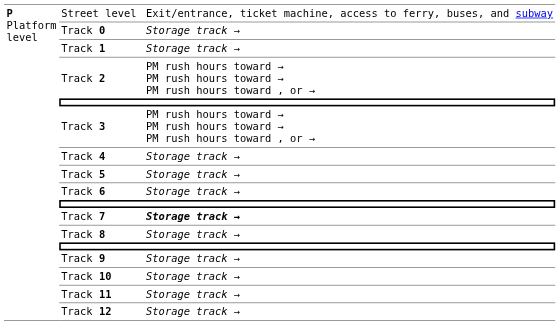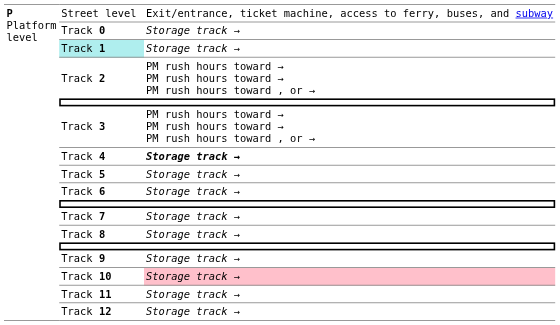 <table border=0 cellspacing=0 cellpadding=3>
 <tr>
 <td style="border-top:solid 1px gray;border-bottom:solid 1px gray" width=50 rowspan=17 valign=top><strong>P</strong><br>Platform level</td>
 <td style="border-top:solid 1px gray;border-bottom:solid 1px gray" width=100>Street level</td>
 <td style="border-top:solid 1px gray;border-bottom:solid 1px gray">Exit/entrance, ticket machine, access to ferry, buses, and <a href='#'>subway</a></td>
 </tr>
 <tr>
 <td style="border-bottom:solid 1px gray">Track <strong>0</strong></td>
 <td style="border-bottom:solid 1px gray"><em>Storage track</em> →</td>
 </tr>
 <tr>
-<td style="border-bottom:solid 1px gray">Track <strong>1</strong></td>
+<td style="background: paleturquoise; border-bottom:solid 1px gray">Track <strong>1</strong></td>
 <td style="border-bottom:solid 1px gray"><em>Storage track</em> →</td>
 </tr>
 <tr>
 <td>Track <strong>2</strong></td>
 <td> PM rush hours toward   →<br> PM rush hours toward   →<br> PM rush hours toward ,  or   →</td>
 </tr>
 <tr>
 <td style="border-top:solid 2px black;border-right:solid 2px black;border-left:solid 2px black;border-bottom:solid 2px black;text-align:center" colspan=2></td>
 </tr>
 <tr>
 <td style="border-bottom:solid 1px gray">Track <strong>3</strong></td>
 <td style="border-bottom:solid 1px gray"> PM rush hours toward   →<br> PM rush hours toward   →<br> PM rush hours toward ,  or   →</td>
 </tr>
 <tr>
 <td style="border-bottom:solid 1px gray">Track <strong>4</strong></td>
-<td style="border-bottom:solid 1px gray"><em>Storage track</em> →</td>
+<td style="border-bottom:solid 1px gray"><strong><em>Storage track</em> →</strong></td>
 </tr>
 <tr>
 <td style="border-bottom:solid 1px gray">Track <strong>5</strong></td>
 <td style="border-bottom:solid 1px gray"><em>Storage track</em> →</td>
 </tr>
 <tr>
 <td>Track <strong>6</strong></td>
 <td><em>Storage track</em> →</td>
 </tr>
 <tr>
 <td style="border-top:solid 2px black;border-right:solid 2px black;border-left:solid 2px black;border-bottom:solid 2px black;text-align:center" colspan=2></td>
 </tr>
 <tr>
 <td style="border-bottom:solid 1px gray">Track <strong>7</strong></td>
-<td style="border-bottom:solid 1px gray"><strong><em>Storage track</em> →</strong></td>
+<td style="border-bottom:solid 1px gray"><em>Storage track</em> →</td>
 </tr>
 <tr>
 <td>Track <strong>8</strong></td>
 <td><em>Storage track</em> →</td>
 </tr>
 <tr>
 <td style="border-top:solid 2px black;border-right:solid 2px black;border-left:solid 2px black;border-bottom:solid 2px black;text-align:center" colspan=2></td>
 </tr>
 <tr>
 <td style="border-bottom:solid 1px gray">Track <strong>9</strong></td>
 <td style="border-bottom:solid 1px gray"><em>Storage track</em> →</td>
 </tr>
 <tr>
 <td style="border-bottom:solid 1px gray">Track <strong>10</strong></td>
-<td style="border-bottom:solid 1px gray"><em>Storage track</em> →</td>
+<td style="background: pink; border-bottom:solid 1px gray"><em>Storage track</em> →</td>
 </tr>
 <tr>
 <td style="border-bottom:solid 1px gray">Track <strong>11</strong></td>
 <td style="border-bottom:solid 1px gray"><em>Storage track</em> →</td>
 </tr>
 <tr>
 <td style="border-bottom:solid 1px gray">Track <strong>12</strong></td>
 <td style="border-bottom:solid 1px gray"><em>Storage track</em> →</td>
 </tr>
 </table>
